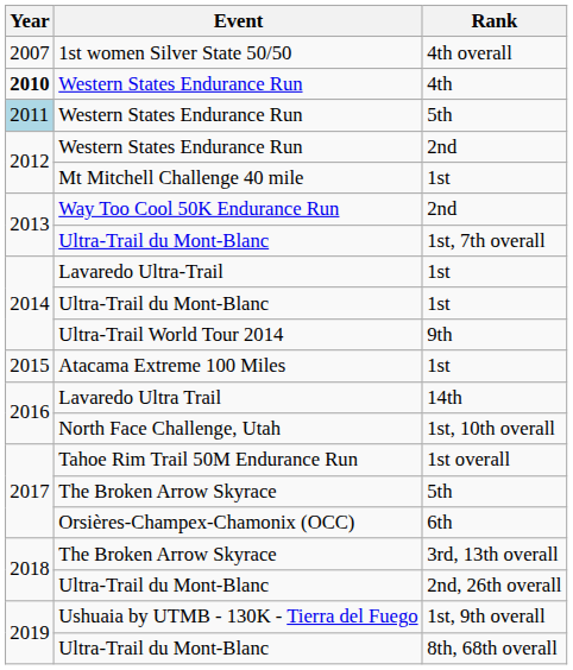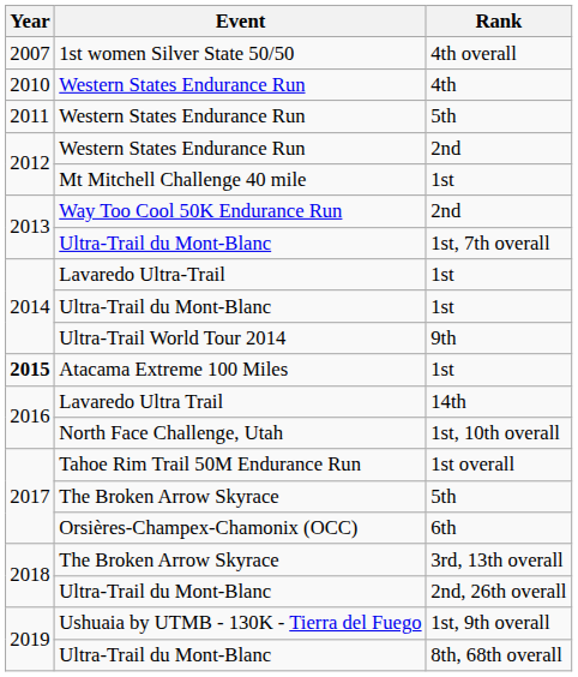 <table class="wikitable">
 <tr>
 <th>Year</th>
 <th>Event</th>
 <th>Rank</th>
 </tr>
 <tr>
 <td>2007</td>
 <td>1st women Silver State 50/50</td>
 <td>4th overall</td>
 </tr>
 <tr>
-<td><strong>2010</strong></td>
+<td>2010</td>
 <td><a href='#'>Western States Endurance Run</a></td>
 <td>4th</td>
 </tr>
 <tr>
-<td style="background: lightblue;">2011</td>
+<td>2011</td>
 <td>Western States Endurance Run</td>
 <td>5th</td>
 </tr>
 <tr>
 <td rowspan="2">2012</td>
 <td>Western States Endurance Run</td>
 <td>2nd</td>
 </tr>
 <tr>
 <td>Mt Mitchell Challenge 40 mile</td>
 <td>1st</td>
 </tr>
 <tr>
 <td rowspan="2">2013</td>
 <td><a href='#'>Way Too Cool 50K Endurance Run</a></td>
 <td>2nd</td>
 </tr>
 <tr>
 <td><a href='#'>Ultra-Trail du Mont-Blanc</a></td>
 <td>1st, 7th overall</td>
 </tr>
 <tr>
 <td rowspan="3">2014</td>
 <td>Lavaredo Ultra-Trail</td>
 <td>1st</td>
 </tr>
 <tr>
 <td>Ultra-Trail du Mont-Blanc</td>
 <td>1st</td>
 </tr>
 <tr>
 <td>Ultra-Trail World Tour 2014</td>
 <td>9th</td>
 </tr>
 <tr>
-<td>2015</td>
+<td><strong>2015</strong></td>
 <td>Atacama Extreme 100 Miles</td>
 <td>1st</td>
 </tr>
 <tr>
 <td rowspan="2">2016</td>
 <td>Lavaredo Ultra Trail</td>
 <td>14th</td>
 </tr>
 <tr>
 <td>North Face Challenge, Utah</td>
 <td>1st, 10th overall</td>
 </tr>
 <tr>
 <td rowspan="3">2017</td>
 <td>Tahoe Rim Trail 50M Endurance Run</td>
 <td>1st overall</td>
 </tr>
 <tr>
 <td>The Broken Arrow Skyrace</td>
 <td>5th</td>
 </tr>
 <tr>
 <td>Orsières-Champex-Chamonix (OCC)</td>
 <td>6th</td>
 </tr>
 <tr>
 <td rowspan="2">2018</td>
 <td>The Broken Arrow Skyrace</td>
 <td>3rd, 13th overall</td>
 </tr>
 <tr>
 <td>Ultra-Trail du Mont-Blanc</td>
 <td>2nd, 26th overall</td>
 </tr>
 <tr>
 <td rowspan="2">2019</td>
 <td>Ushuaia by UTMB - 130K - <a href='#'>Tierra del Fuego</a></td>
 <td>1st, 9th overall</td>
 </tr>
 <tr>
 <td>Ultra-Trail du Mont-Blanc</td>
 <td>8th, 68th overall</td>
 </tr>
 </table>
